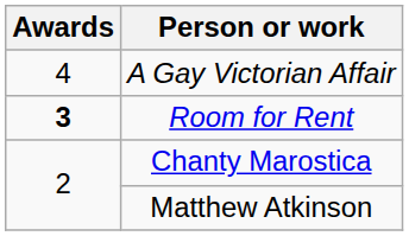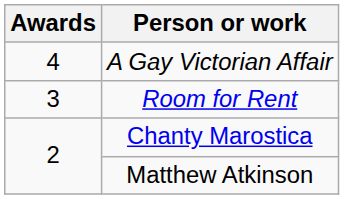 <table class="wikitable sortable" style="text-align:center">
 <tr>
 <th scope="col" style="width:55px;">Awards</th>
 <th scope="col" style="text-align:center;">Person or work</th>
 </tr>
 <tr>
 <td style="text-align:center">4</td>
 <td><em>A Gay Victorian Affair</em></td>
 </tr>
 <tr>
-<td style="text-align:center"><strong>3</strong></td>
+<td style="text-align:center">3</td>
 <td><em><a href='#'>Room for Rent</a></em></td>
 </tr>
 <tr>
 <td rowspan=2 style="text-align:center">2</td>
 <td><a href='#'>Chanty Marostica</a></td>
 </tr>
 <tr>
 <td>Matthew Atkinson</td>
 </tr>
 </table>
